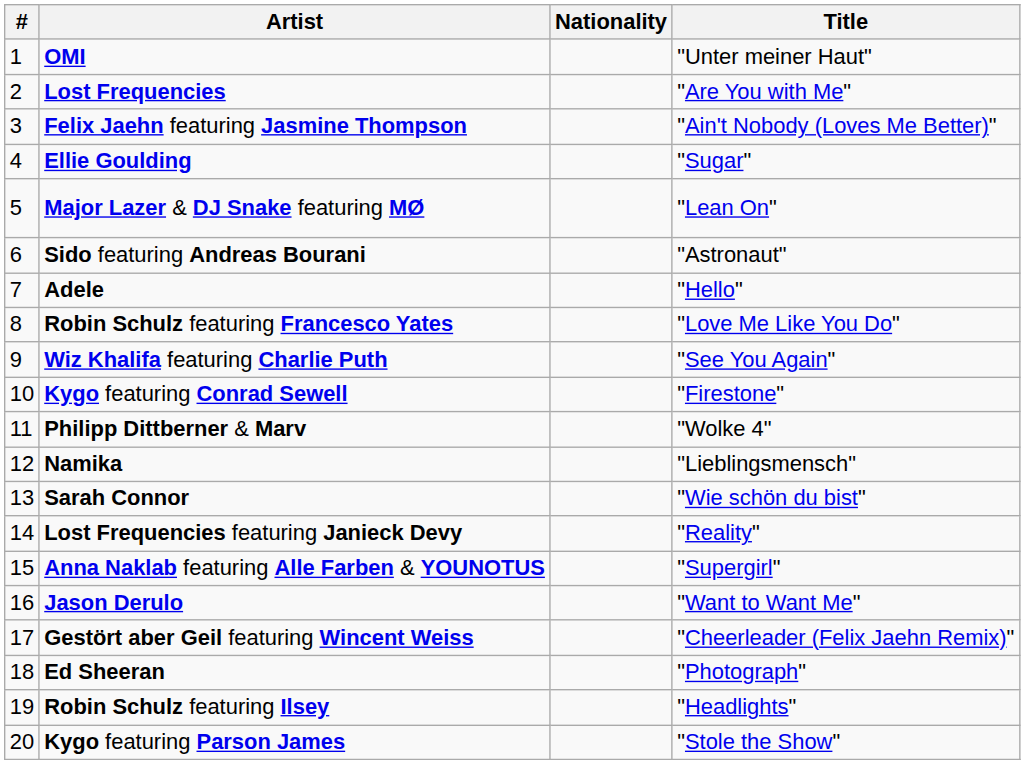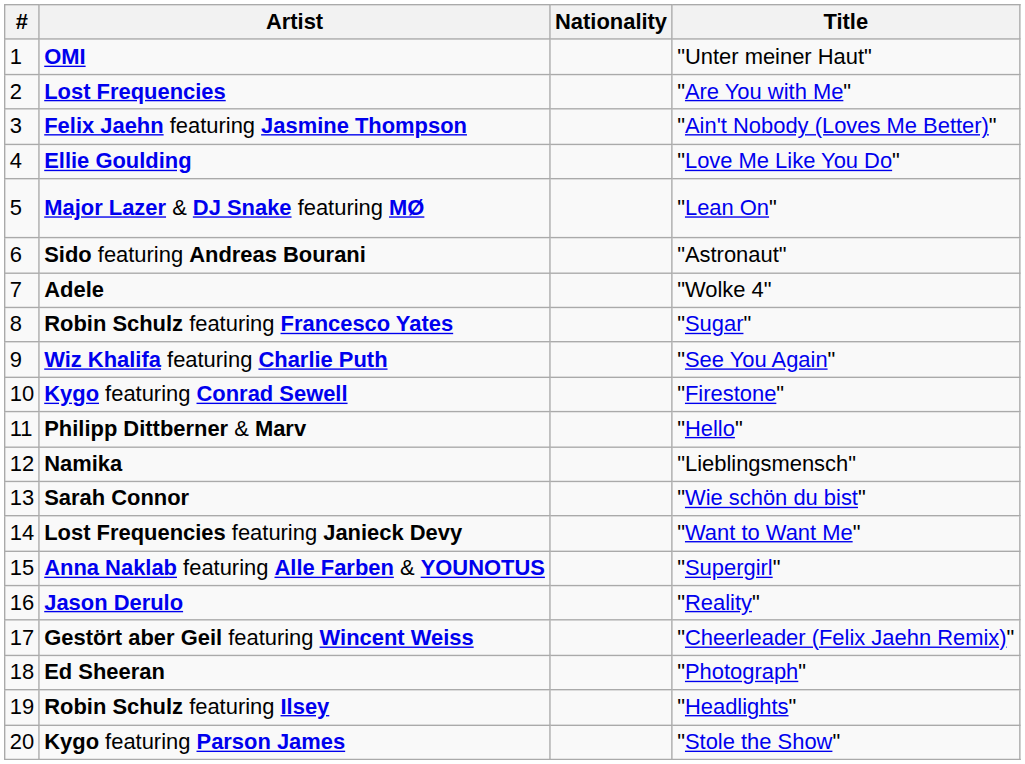 <table class="wikitable sortable">
 <tr>
 <th>#</th>
 <th>Artist</th>
 <th>Nationality</th>
 <th>Title</th>
 </tr>
 <tr>
 <td>1</td>
 <td><strong><a href='#'>OMI</a></strong></td>
 <td><br> </td>
 <td>"Unter meiner Haut"</td>
 </tr>
 <tr>
 <td>2</td>
 <td><strong><a href='#'>Lost Frequencies</a></strong></td>
 <td></td>
 <td>"<a href='#'>Are You with Me</a>"</td>
 </tr>
 <tr>
 <td>3</td>
 <td><strong><a href='#'>Felix Jaehn</a></strong> featuring <strong><a href='#'>Jasmine Thompson</a></strong></td>
 <td><br></td>
 <td>"<a href='#'>Ain't Nobody (Loves Me Better)</a>"</td>
 </tr>
 <tr>
 <td>4</td>
 <td><strong><a href='#'>Ellie Goulding</a></strong></td>
 <td></td>
-<td>"<a href='#'>Sugar</a>"</td>
+<td>"<a href='#'>Love Me Like You Do</a>"</td>
 </tr>
 <tr>
 <td>5</td>
 <td><strong><a href='#'>Major Lazer</a></strong> & <strong><a href='#'>DJ Snake</a></strong> featuring <strong><a href='#'>MØ</a></strong></td>
 <td><br><br></td>
 <td>"<a href='#'>Lean On</a>"</td>
 </tr>
 <tr>
 <td>6</td>
 <td><strong>Sido</strong> featuring <strong>Andreas Bourani</strong></td>
 <td></td>
 <td>"Astronaut"</td>
 </tr>
 <tr>
 <td>7</td>
 <td><strong>Adele</strong></td>
 <td></td>
-<td>"<a href='#'>Hello</a>"</td>
+<td>"Wolke 4"</td>
 </tr>
 <tr>
 <td>8</td>
 <td><strong>Robin Schulz</strong> featuring <strong><a href='#'>Francesco Yates</a></strong></td>
 <td><br></td>
-<td>"<a href='#'>Love Me Like You Do</a>"</td>
+<td>"<a href='#'>Sugar</a>"</td>
 </tr>
 <tr>
 <td>9</td>
 <td><strong><a href='#'>Wiz Khalifa</a></strong> featuring <strong><a href='#'>Charlie Puth</a></strong></td>
 <td></td>
 <td>"<a href='#'>See You Again</a>"</td>
 </tr>
 <tr>
 <td>10</td>
 <td><strong><a href='#'>Kygo</a></strong> featuring <strong><a href='#'>Conrad Sewell</a></strong></td>
 <td><br></td>
 <td>"<a href='#'>Firestone</a>"</td>
 </tr>
 <tr>
 <td>11</td>
 <td><strong>Philipp Dittberner</strong> & <strong>Marv</strong></td>
 <td></td>
-<td>"Wolke 4"</td>
+<td>"<a href='#'>Hello</a>"</td>
 </tr>
 <tr>
 <td>12</td>
 <td><strong>Namika</strong></td>
 <td></td>
 <td>"Lieblingsmensch"</td>
 </tr>
 <tr>
 <td>13</td>
 <td><strong>Sarah Connor</strong></td>
 <td></td>
 <td>"<a href='#'>Wie schön du bist</a>"</td>
 </tr>
 <tr>
 <td>14</td>
 <td><strong>Lost Frequencies</strong> featuring <strong>Janieck Devy</strong></td>
 <td></td>
-<td>"<a href='#'>Reality</a>"</td>
+<td>"<a href='#'>Want to Want Me</a>"</td>
 </tr>
 <tr>
 <td>15</td>
 <td><strong><a href='#'>Anna Naklab</a></strong> featuring <strong><a href='#'>Alle Farben</a></strong> & <strong><a href='#'>YOUNOTUS</a></strong></td>
 <td></td>
 <td>"<a href='#'>Supergirl</a>"</td>
 </tr>
 <tr>
 <td>16</td>
 <td><strong><a href='#'>Jason Derulo</a></strong></td>
 <td></td>
-<td>"<a href='#'>Want to Want Me</a>"</td>
+<td>"<a href='#'>Reality</a>"</td>
 </tr>
 <tr>
 <td>17</td>
 <td><strong>Gestört aber Geil</strong> featuring <strong><a href='#'>Wincent Weiss</a></strong></td>
 <td></td>
 <td>"<a href='#'>Cheerleader (Felix Jaehn Remix)</a>"</td>
 </tr>
 <tr>
 <td>18</td>
 <td><strong>Ed Sheeran</strong></td>
 <td></td>
 <td>"<a href='#'>Photograph</a>"</td>
 </tr>
 <tr>
 <td>19</td>
 <td><strong>Robin Schulz</strong> featuring <strong><a href='#'>Ilsey</a></strong></td>
 <td><br></td>
 <td>"<a href='#'>Headlights</a>"</td>
 </tr>
 <tr>
 <td>20</td>
 <td><strong>Kygo</strong> featuring <strong><a href='#'>Parson James</a></strong></td>
 <td></td>
 <td>"<a href='#'>Stole the Show</a>"</td>
 </tr>
 <tr>
 </tr>
 </table>
